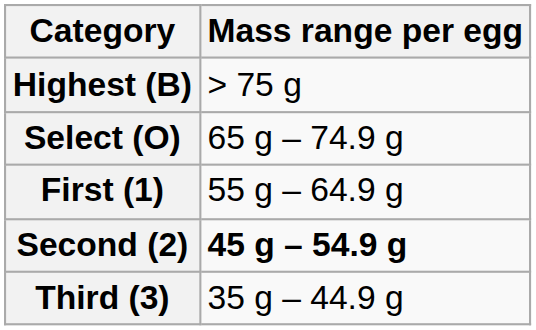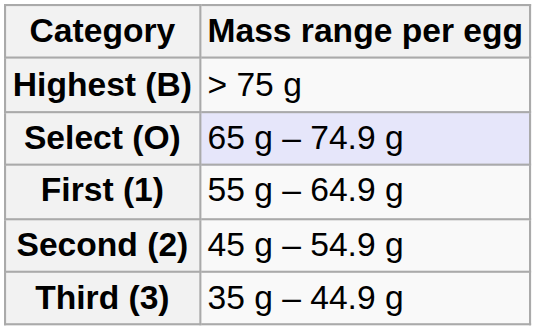 <table class="wikitable">
 <tr>
 <th>Category</th>
 <th>Mass range per egg</th>
 </tr>
 <tr>
 <th>Highest (В)</th>
 <td>> 75 g</td>
 </tr>
 <tr>
 <th>Select (О)</th>
-<td>65 g – 74.9 g</td>
+<td style="background: lavender;">65 g – 74.9 g</td>
 </tr>
 <tr>
 <th>First (1)</th>
 <td>55 g – 64.9 g</td>
 </tr>
 <tr>
 <th>Second (2)</th>
-<td><strong>45 g – 54.9 g</strong></td>
+<td>45 g – 54.9 g</td>
 </tr>
 <tr>
 <th>Third (3)</th>
 <td>35 g – 44.9 g</td>
 </tr>
 </table>
